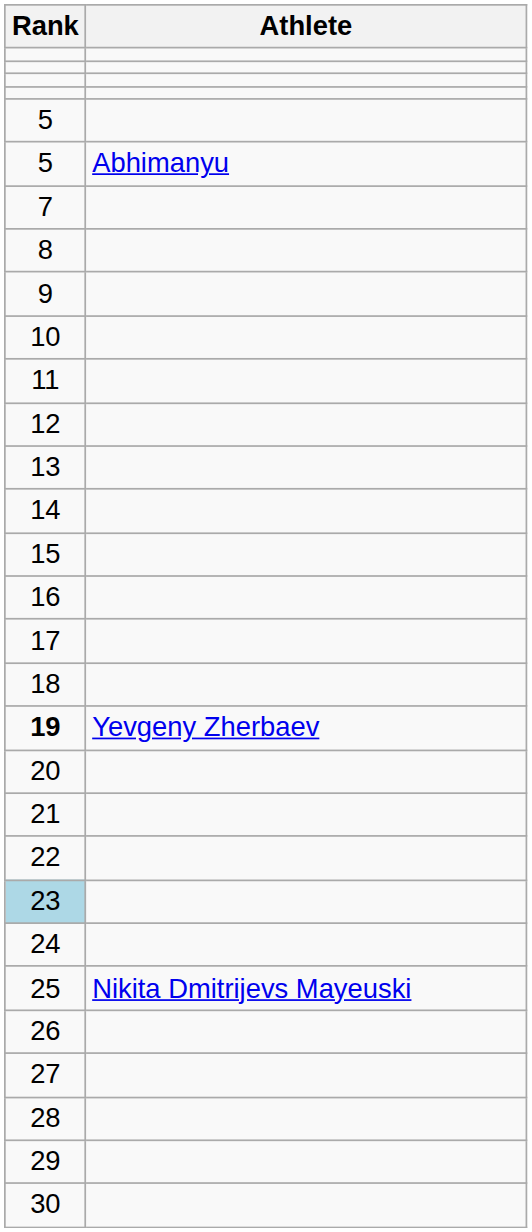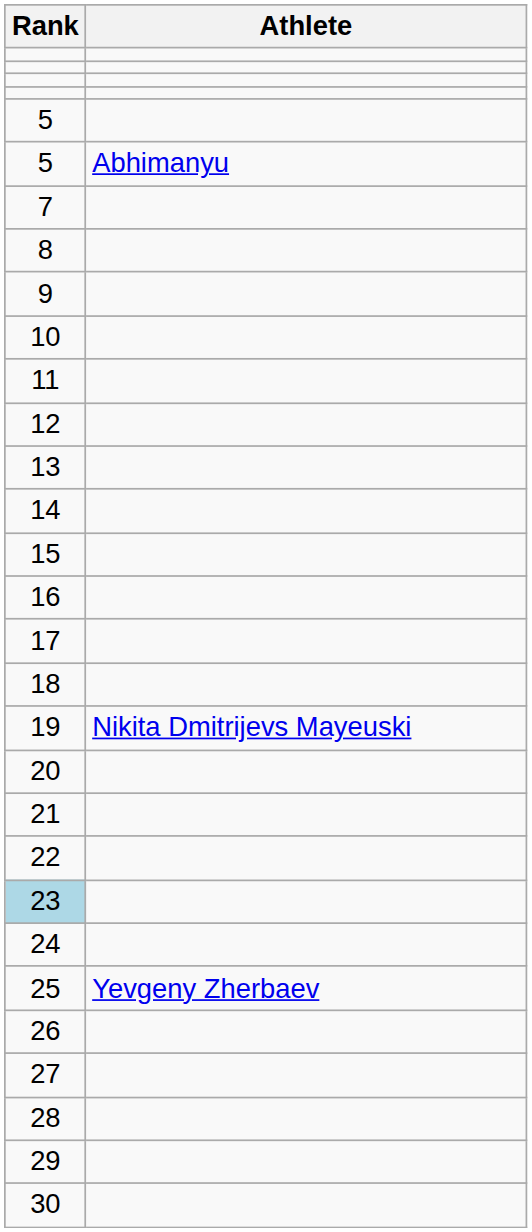 <table class="wikitable" style="text-align: center;">
 <tr>
 <th width=40>Rank</th>
 <th width=250>Athlete</th>
 </tr>
 <tr>
 <td></td>
 <td align="left"></td>
 </tr>
 <tr>
 <td></td>
 <td align="left"></td>
 </tr>
 <tr>
 <td></td>
 <td align="left"></td>
 </tr>
 <tr>
 <td></td>
 <td align="left"></td>
 </tr>
 <tr>
 <td>5</td>
 <td align="left"></td>
 </tr>
 <tr>
 <td>5</td>
 <td align="left"> <a href='#'>Abhimanyu</a> </td>
 </tr>
 <tr>
 <td>7</td>
 <td align="left"></td>
 </tr>
 <tr>
 <td>8</td>
 <td align="left"></td>
 </tr>
 <tr>
 <td>9</td>
 <td align="left"></td>
 </tr>
 <tr>
 <td>10</td>
 <td align="left"></td>
 </tr>
 <tr>
 <td>11</td>
 <td align="left"></td>
 </tr>
 <tr>
 <td>12</td>
 <td align="left"></td>
 </tr>
 <tr>
 <td>13</td>
 <td align="left"></td>
 </tr>
 <tr>
 <td>14</td>
 <td align="left"></td>
 </tr>
 <tr>
 <td>15</td>
 <td align="left"></td>
 </tr>
 <tr>
 <td>16</td>
 <td align="left"></td>
 </tr>
 <tr>
 <td>17</td>
 <td align="left"></td>
 </tr>
 <tr>
 <td>18</td>
 <td align="left"></td>
 </tr>
 <tr>
-<td><strong>19</strong></td>
-<td align="left"> <a href='#'>Yevgeny Zherbaev</a> </td>
+<td>19</td>
+<td align="left"> <a href='#'>Nikita Dmitrijevs Mayeuski</a> </td>
 </tr>
 <tr>
 <td>20</td>
 <td align="left"></td>
 </tr>
 <tr>
 <td>21</td>
 <td align="left"></td>
 </tr>
 <tr>
 <td>22</td>
 <td align="left"></td>
 </tr>
 <tr>
 <td style="background: lightblue;">23</td>
 <td align="left"></td>
 </tr>
 <tr>
 <td>24</td>
 <td align="left"></td>
 </tr>
 <tr>
 <td>25</td>
-<td align="left"> <a href='#'>Nikita Dmitrijevs Mayeuski</a> </td>
+<td align="left"> <a href='#'>Yevgeny Zherbaev</a> </td>
 </tr>
 <tr>
 <td>26</td>
 <td align="left"></td>
 </tr>
 <tr>
 <td>27</td>
 <td align="left"></td>
 </tr>
 <tr>
 <td>28</td>
 <td align="left"></td>
 </tr>
 <tr>
 <td>29</td>
 <td align="left"></td>
 </tr>
 <tr>
 <td>30</td>
 <td align="left"></td>
 </tr>
 </table>
